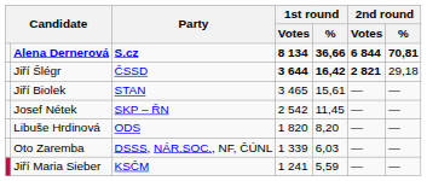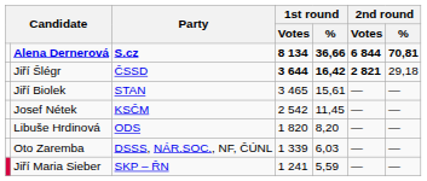 <table class="wikitable sortable">
 <tr>
 <th colspan="2" rowspan="2">Candidate</th>
 <th rowspan="2">Party</th>
 <th colspan="2">1st round</th>
 <th colspan="2">2nd round</th>
 </tr>
 <tr>
 <th>Votes</th>
 <th>%</th>
 <th>Votes</th>
 <th>%</th>
 </tr>
 <tr>
 <td style="background-color:"></td>
 <td><strong><a href='#'>Alena Dernerová</a></strong></td>
 <td><a href='#'><strong>S.cz</strong></a></td>
 <td><strong>8 134</strong></td>
 <td><strong>36,66</strong></td>
 <td><strong>6 844</strong></td>
 <td><strong>70,81</strong></td>
 </tr>
 <tr>
 <td style="background-color:"></td>
 <td>Jiří Šlégr</td>
 <td><a href='#'>ČSSD</a></td>
 <td><strong>3 644</strong></td>
 <td><strong>16,42</strong></td>
 <td><strong>2 821</strong></td>
 <td>29,18</td>
 </tr>
 <tr>
 <td style="background-color:"></td>
 <td>Jiří Biolek</td>
 <td><a href='#'>STAN</a></td>
 <td>3 465</td>
 <td>15,61</td>
 <td>—</td>
 <td>—</td>
 </tr>
 <tr>
 <td style="background-color:"></td>
 <td>Josef Nétek</td>
-<td><a href='#'>SKP – ŘN</a></td>
+<td><a href='#'>KSČM</a></td>
 <td>2 542</td>
 <td>11,45</td>
 <td>—</td>
 <td>—</td>
 </tr>
 <tr>
 <td style="background-color:"></td>
 <td>Libuše Hrdinová</td>
 <td><a href='#'>ODS</a></td>
 <td>1 820</td>
 <td>8,20</td>
 <td>—</td>
 <td>—</td>
 </tr>
 <tr>
 <td style="background-color:"></td>
 <td>Oto Zaremba</td>
 <td><a href='#'>DSSS</a>, <a href='#'>NÁR.SOC.</a>, NF, ČÚNL</td>
 <td>1 339</td>
 <td>6,03</td>
 <td>—</td>
 <td>—</td>
 </tr>
 <tr>
 <td style="background-color:#D70040;"></td>
 <td>Jiří Maria Sieber</td>
-<td><a href='#'>KSČM</a></td>
+<td><a href='#'>SKP – ŘN</a></td>
 <td>1 241</td>
 <td>5,59</td>
 <td>—</td>
 <td>—</td>
 </tr>
 </table>
